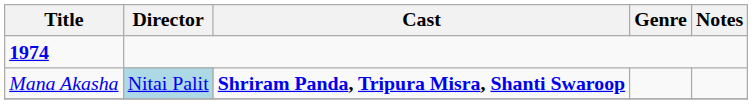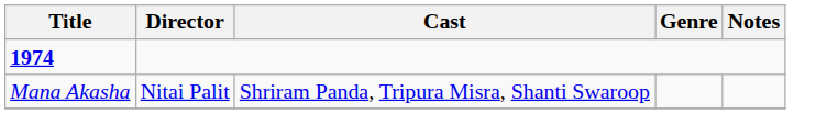 <table class="wikitable">
 <tr>
 <th>Title</th>
 <th>Director</th>
 <th>Cast</th>
 <th>Genre</th>
 <th>Notes</th>
 </tr>
 <tr>
 <td><strong><a href='#'>1974</a></strong></td>
 </tr>
 <tr>
 <td><em><a href='#'>Mana Akasha</a></em></td>
-<td style="background: lightblue;"><a href='#'>Nitai Palit</a></td>
-<td><strong><a href='#'>Shriram Panda</a>, <a href='#'>Tripura Misra</a>, <a href='#'>Shanti Swaroop</a></strong></td>
+<td><a href='#'>Nitai Palit</a></td>
+<td><a href='#'>Shriram Panda</a>, <a href='#'>Tripura Misra</a>, <a href='#'>Shanti Swaroop</a></td>
 <td></td>
 <td></td>
 </tr>
 <tr>
 </tr>
 </table>
